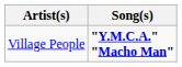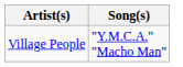 <table class="wikitable plainrowheaders">
 <tr>
 <th scope="col">Artist(s)</th>
 <th>Song(s)</th>
 </tr>
 <tr>
 <td><a href='#'>Village People</a></td>
-<td><strong>"<a href='#'>Y.M.C.A.</a>"<br>"<a href='#'>Macho Man</a>"</strong></td>
+<td>"<a href='#'>Y.M.C.A.</a>"<br>"<a href='#'>Macho Man</a>"</td>
 </tr>
 </table>
